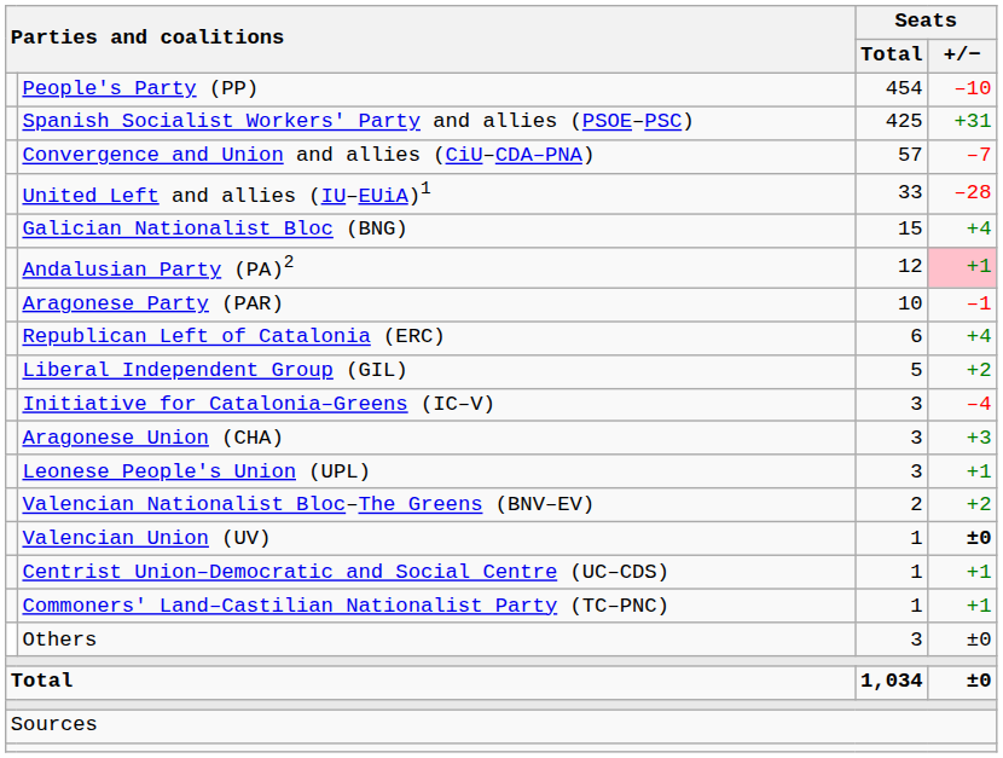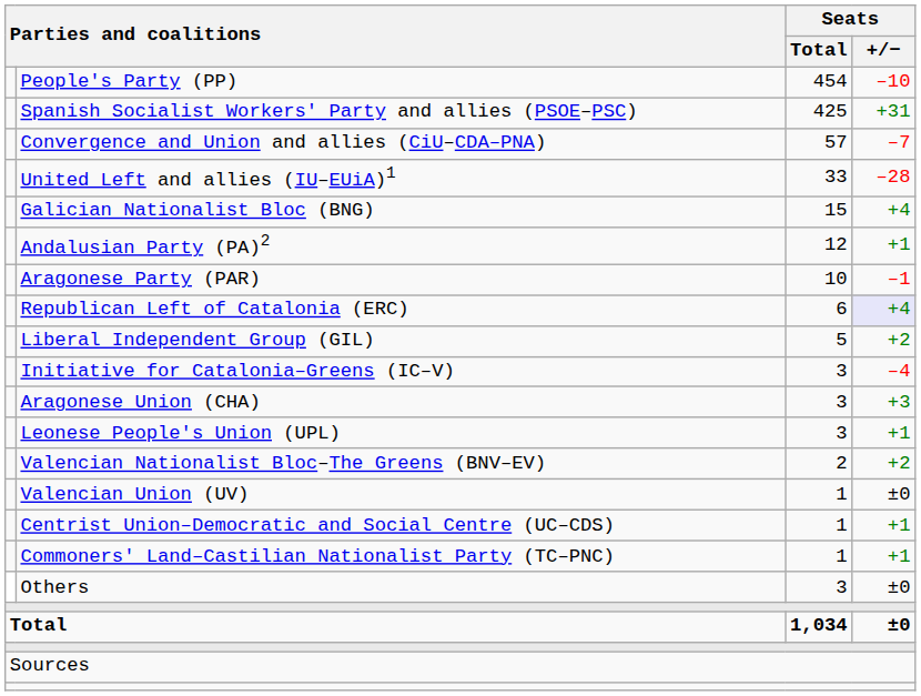 <table class="wikitable" style="text-align:right; font-size:95%;">
 <tr>
 <th style="text-align:left;" rowspan="2" colspan="2" width="500">Parties and coalitions</th>
 <th colspan="2">Seats</th>
 </tr>
 <tr>
 <th width="35">Total</th>
 <th width="35">+/−</th>
 </tr>
 <tr>
 <td width="1" style="color:inherit;background:"></td>
 <td align="left"><a href='#'>People's Party</a> (PP)</td>
 <td>454</td>
 <td style="color:red;">–10</td>
 </tr>
 <tr>
 <td style="color:inherit;background:"></td>
 <td align="left"><a href='#'>Spanish Socialist Workers' Party</a> and allies (<a href='#'>PSOE</a>–<a href='#'>PSC</a>)</td>
 <td>425</td>
 <td style="color:green;">+31</td>
 </tr>
 <tr>
 <td style="color:inherit;background:"></td>
 <td align="left"><a href='#'>Convergence and Union</a> and allies (<a href='#'>CiU</a>–<a href='#'>CDA–PNA</a>)</td>
 <td>57</td>
 <td style="color:red;">–7</td>
 </tr>
 <tr>
 <td style="color:inherit;background:"></td>
 <td align="left"><a href='#'>United Left</a> and allies (<a href='#'>IU</a>–<a href='#'>EUiA</a>)<sup>1</sup></td>
 <td>33</td>
 <td style="color:red;">–28</td>
 </tr>
 <tr>
 <td style="color:inherit;background:"></td>
 <td align="left"><a href='#'>Galician Nationalist Bloc</a> (BNG)</td>
 <td>15</td>
 <td style="color:green;">+4</td>
 </tr>
 <tr>
 <td style="color:inherit;background:"></td>
 <td align="left"><a href='#'>Andalusian Party</a> (PA)<sup>2</sup></td>
 <td>12</td>
-<td style="background: pink; color:green;">+1</td>
+<td style="color:green;">+1</td>
 </tr>
 <tr>
 <td style="color:inherit;background:"></td>
 <td align="left"><a href='#'>Aragonese Party</a> (PAR)</td>
 <td>10</td>
 <td style="color:red;">–1</td>
 </tr>
 <tr>
 <td style="color:inherit;background:"></td>
 <td align="left"><a href='#'>Republican Left of Catalonia</a> (ERC)</td>
 <td>6</td>
-<td style="color:green;">+4</td>
+<td style="background: lavender; color:green;">+4</td>
 </tr>
 <tr>
 <td style="color:inherit;background:"></td>
 <td align="left"><a href='#'>Liberal Independent Group</a> (GIL)</td>
 <td>5</td>
 <td style="color:green;">+2</td>
 </tr>
 <tr>
 <td style="color:inherit;background:"></td>
 <td align="left"><a href='#'>Initiative for Catalonia–Greens</a> (IC–V)</td>
 <td>3</td>
 <td style="color:red;">–4</td>
 </tr>
 <tr>
 <td style="color:inherit;background:"></td>
 <td align="left"><a href='#'>Aragonese Union</a> (CHA)</td>
 <td>3</td>
 <td style="color:green;">+3</td>
 </tr>
 <tr>
 <td style="color:inherit;background:"></td>
 <td align="left"><a href='#'>Leonese People's Union</a> (UPL)</td>
 <td>3</td>
 <td style="color:green;">+1</td>
 </tr>
 <tr>
 <td style="color:inherit;background:"></td>
 <td align="left"><a href='#'>Valencian Nationalist Bloc</a>–<a href='#'>The Greens</a> (BNV–EV)</td>
 <td>2</td>
 <td style="color:green;">+2</td>
 </tr>
 <tr>
 <td style="color:inherit;background:"></td>
 <td align="left"><a href='#'>Valencian Union</a> (UV)</td>
 <td>1</td>
-<td><strong>±0</strong></td>
+<td>±0</td>
 </tr>
 <tr>
 <td style="color:inherit;background:"></td>
 <td align="left"><a href='#'>Centrist Union–Democratic and Social Centre</a> (UC–CDS)</td>
 <td>1</td>
 <td style="color:green;">+1</td>
 </tr>
 <tr>
 <td style="color:inherit;background:"></td>
 <td align="left"><a href='#'>Commoners' Land–Castilian Nationalist Party</a> (TC–PNC)</td>
 <td>1</td>
 <td style="color:green;">+1</td>
 </tr>
 <tr>
 <td bgcolor="white"></td>
 <td align="left">Others</td>
 <td>3</td>
 <td>±0</td>
 </tr>
 <tr>
 <td colspan="4" bgcolor="#E9E9E9"></td>
 </tr>
 <tr style="font-weight:bold;">
 <td align="left" colspan="2">Total</td>
 <td>1,034</td>
 <td>±0</td>
 </tr>
 <tr>
 <td colspan="4" bgcolor="#E9E9E9"></td>
 </tr>
 <tr>
 <td align="left" colspan="4">Sources</td>
 </tr>
 <tr>
 <td colspan="4" style="text-align:left;font-size:95%;max-width:790px;"></td>
 </tr>
 </table>
